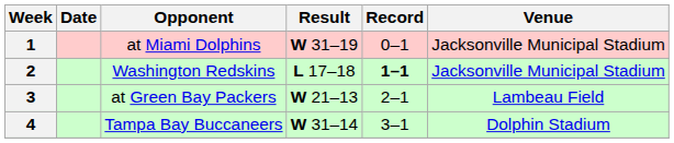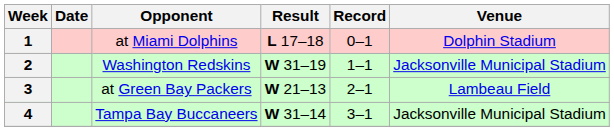 <table class="wikitable" style="text-align:center">
 <tr>
 <th>Week</th>
 <th>Date</th>
 <th>Opponent</th>
 <th>Result</th>
 <th>Record</th>
 <th>Venue</th>
 </tr>
 <tr style="background: #fcc;">
 <th>1</th>
 <td></td>
 <td>at <a href='#'>Miami Dolphins</a></td>
-<td><strong>W</strong> 31–19</td>
+<td><strong>L</strong> 17–18</td>
 <td>0–1</td>
-<td>Jacksonville Municipal Stadium</td>
+<td><a href='#'>Dolphin Stadium</a></td>
 </tr>
 <tr style="background: #cfc;">
 <th>2</th>
 <td></td>
 <td><a href='#'>Washington Redskins</a></td>
-<td><strong>L</strong> 17–18</td>
-<td><strong>1–1</strong></td>
+<td><strong>W</strong> 31–19</td>
+<td>1–1</td>
 <td><a href='#'>Jacksonville Municipal Stadium</a></td>
 </tr>
 <tr style="background: #cfc;">
 <th>3</th>
 <td></td>
 <td>at <a href='#'>Green Bay Packers</a></td>
 <td><strong>W</strong> 21–13</td>
 <td>2–1</td>
 <td><a href='#'>Lambeau Field</a></td>
 </tr>
 <tr style="background: #cfc;">
 <th>4</th>
 <td></td>
 <td><a href='#'>Tampa Bay Buccaneers</a></td>
 <td><strong>W</strong> 31–14</td>
 <td>3–1</td>
-<td><a href='#'>Dolphin Stadium</a></td>
+<td>Jacksonville Municipal Stadium</td>
 </tr>
 <tr>
 </tr>
 </table>
